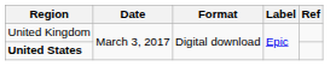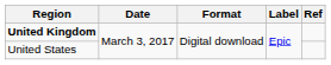 <table class="wikitable">
 <tr>
 <th>Region</th>
 <th>Date</th>
 <th>Format</th>
 <th>Label</th>
 <th>Ref</th>
 </tr>
 <tr>
-<td>United Kingdom</td>
+<td><strong>United Kingdom</strong></td>
 <td rowspan="2">March 3, 2017</td>
 <td rowspan="2">Digital download</td>
 <td rowspan="2"><a href='#'>Epic</a></td>
 <td></td>
 </tr>
 <tr>
-<td><strong>United States</strong></td>
+<td>United States</td>
 <td></td>
 </tr>
 </table>
